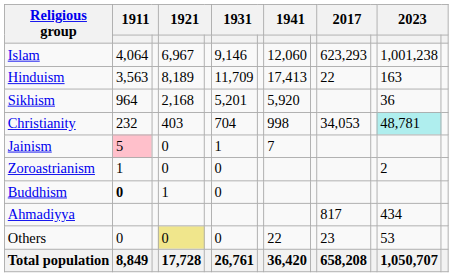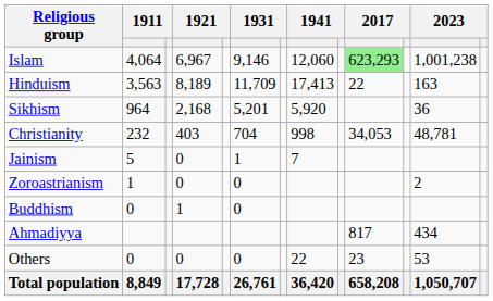 <table class="wikitable collapsible sortable">
 <tr>
 <th rowspan="2"><a href='#'>Religious</a><br>group</th>
 <th colspan="2">1911</th>
 <th colspan="2">1921</th>
 <th colspan="2">1931</th>
 <th colspan="2">1941</th>
 <th colspan="2">2017</th>
 <th colspan="2">2023</th>
 </tr>
 <tr>
 <th><a href='#'></a></th>
 <th></th>
 <th></th>
 <th></th>
 <th></th>
 <th></th>
 <th></th>
 <th></th>
 <th></th>
 <th></th>
 <th></th>
 <th></th>
 </tr>
 <tr>
 <td><a href='#'>Islam</a> </td>
 <td>4,064</td>
 <td></td>
 <td>6,967</td>
 <td></td>
 <td>9,146</td>
 <td></td>
 <td>12,060</td>
 <td></td>
-<td>623,293</td>
+<td style="background: lightgreen;">623,293</td>
 <td></td>
 <td>1,001,238</td>
 <td></td>
 </tr>
 <tr>
 <td><a href='#'>Hinduism</a> </td>
 <td>3,563</td>
 <td></td>
 <td>8,189</td>
 <td></td>
 <td>11,709</td>
 <td></td>
 <td>17,413</td>
 <td></td>
 <td>22</td>
 <td></td>
 <td>163</td>
 <td></td>
 </tr>
 <tr>
 <td><a href='#'>Sikhism</a> </td>
 <td>964</td>
 <td></td>
 <td>2,168</td>
 <td></td>
 <td>5,201</td>
 <td></td>
 <td>5,920</td>
 <td></td>
 <td></td>
 <td></td>
 <td>36</td>
 <td></td>
 </tr>
 <tr>
 <td><a href='#'>Christianity</a> </td>
 <td>232</td>
 <td></td>
 <td>403</td>
 <td></td>
 <td>704</td>
 <td></td>
 <td>998</td>
 <td></td>
 <td>34,053</td>
 <td></td>
-<td style="background: paleturquoise;">48,781</td>
+<td>48,781</td>
 <td></td>
 </tr>
 <tr>
 <td><a href='#'>Jainism</a> </td>
-<td style="background: pink;">5</td>
+<td>5</td>
 <td></td>
 <td>0</td>
 <td></td>
 <td>1</td>
 <td></td>
 <td>7</td>
 <td></td>
 <td></td>
 <td></td>
 <td></td>
 <td></td>
 </tr>
 <tr>
 <td><a href='#'>Zoroastrianism</a> </td>
 <td>1</td>
 <td></td>
 <td>0</td>
 <td></td>
 <td>0</td>
 <td></td>
 <td></td>
 <td></td>
 <td></td>
 <td></td>
 <td>2</td>
 <td></td>
 </tr>
 <tr>
 <td><a href='#'>Buddhism</a> </td>
-<td><strong>0</strong></td>
+<td>0</td>
 <td></td>
 <td>1</td>
 <td></td>
 <td>0</td>
 <td></td>
 <td></td>
 <td></td>
 <td></td>
 <td></td>
 <td></td>
 <td></td>
 </tr>
 <tr>
 <td><a href='#'>Ahmadiyya</a> </td>
 <td></td>
 <td></td>
 <td></td>
 <td></td>
 <td></td>
 <td></td>
 <td></td>
 <td></td>
 <td>817</td>
 <td></td>
 <td>434</td>
 <td></td>
 </tr>
 <tr>
 <td>Others</td>
 <td>0</td>
 <td></td>
-<td style="background: khaki;">0</td>
+<td>0</td>
 <td></td>
 <td>0</td>
 <td></td>
 <td>22</td>
 <td></td>
 <td>23</td>
 <td></td>
 <td>53</td>
 <td></td>
 </tr>
 <tr>
 <th>Total population</th>
 <th>8,849</th>
 <th></th>
 <th>17,728</th>
 <th></th>
 <th>26,761</th>
 <th></th>
 <th>36,420</th>
 <th></th>
 <th>658,208</th>
 <th></th>
 <th>1,050,707</th>
 <th></th>
 </tr>
 </table>
